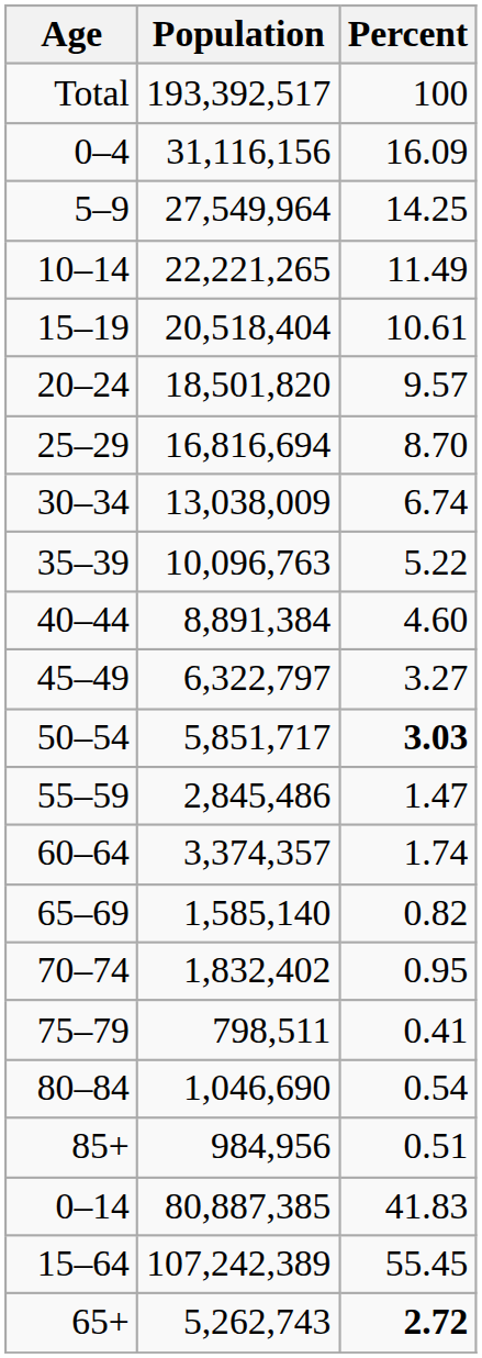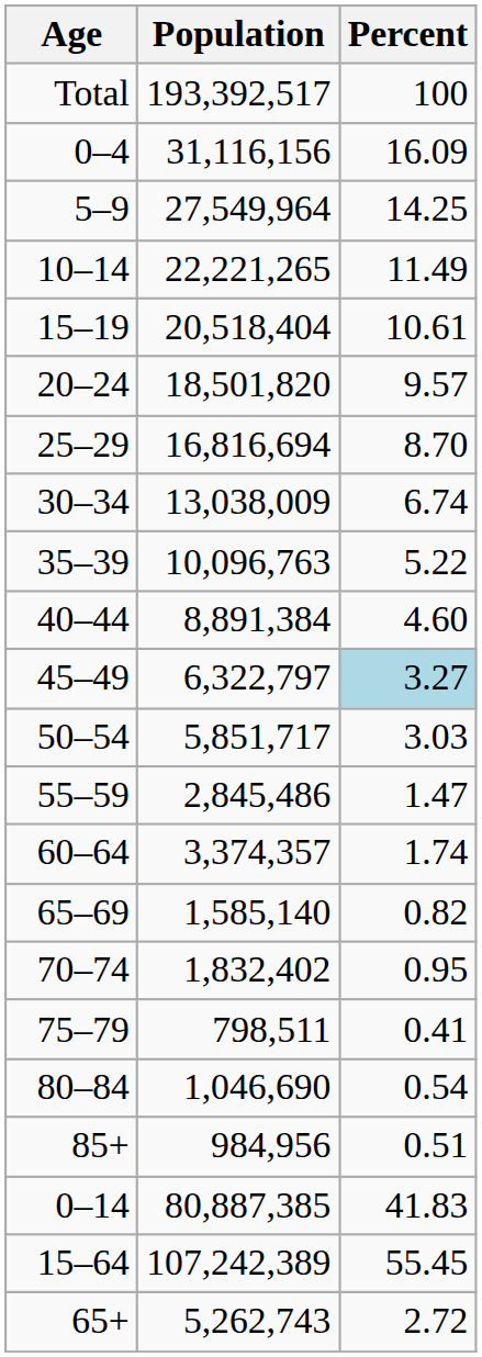 <table class="wikitable sortable">
 <tr>
 <th width="50">Age</th>
 <th width="80">Population</th>
 <th width="50">Percent</th>
 </tr>
 <tr>
 <td align="right">Total</td>
 <td align="right">193,392,517</td>
 <td align="right">100</td>
 </tr>
 <tr>
 <td align="right">0–4</td>
 <td align="right">31,116,156</td>
 <td align="right">16.09</td>
 </tr>
 <tr>
 <td align="right">5–9</td>
 <td align="right">27,549,964</td>
 <td align="right">14.25</td>
 </tr>
 <tr>
 <td align="right">10–14</td>
 <td align="right">22,221,265</td>
 <td align="right">11.49</td>
 </tr>
 <tr>
 <td align="right">15–19</td>
 <td align="right">20,518,404</td>
 <td align="right">10.61</td>
 </tr>
 <tr>
 <td align="right">20–24</td>
 <td align="right">18,501,820</td>
 <td align="right">9.57</td>
 </tr>
 <tr>
 <td align="right">25–29</td>
 <td align="right">16,816,694</td>
 <td align="right">8.70</td>
 </tr>
 <tr>
 <td align="right">30–34</td>
 <td align="right">13,038,009</td>
 <td align="right">6.74</td>
 </tr>
 <tr>
 <td align="right">35–39</td>
 <td align="right">10,096,763</td>
 <td align="right">5.22</td>
 </tr>
 <tr>
 <td align="right">40–44</td>
 <td align="right">8,891,384</td>
 <td align="right">4.60</td>
 </tr>
 <tr>
 <td align="right">45–49</td>
 <td align="right">6,322,797</td>
-<td align="right">3.27</td>
+<td align="right" style="background: lightblue;">3.27</td>
 </tr>
 <tr>
 <td align="right">50–54</td>
 <td align="right">5,851,717</td>
-<td align="right"><strong>3.03</strong></td>
+<td align="right">3.03</td>
 </tr>
 <tr>
 <td align="right">55–59</td>
 <td align="right">2,845,486</td>
 <td align="right">1.47</td>
 </tr>
 <tr>
 <td align="right">60–64</td>
 <td align="right">3,374,357</td>
 <td align="right">1.74</td>
 </tr>
 <tr>
 <td align="right">65–69</td>
 <td align="right">1,585,140</td>
 <td align="right">0.82</td>
 </tr>
 <tr>
 <td align="right">70–74</td>
 <td align="right">1,832,402</td>
 <td align="right">0.95</td>
 </tr>
 <tr>
 <td align="right">75–79</td>
 <td align="right">798,511</td>
 <td align="right">0.41</td>
 </tr>
 <tr>
 <td align="right">80–84</td>
 <td align="right">1,046,690</td>
 <td align="right">0.54</td>
 </tr>
 <tr>
 <td align="right">85+</td>
 <td align="right">984,956</td>
 <td align="right">0.51</td>
 </tr>
 <tr>
 <td align="right">0–14</td>
 <td align="right">80,887,385</td>
 <td align="right">41.83</td>
 </tr>
 <tr>
 <td align="right">15–64</td>
 <td align="right">107,242,389</td>
 <td align="right">55.45</td>
 </tr>
 <tr>
 <td align="right">65+</td>
 <td align="right">5,262,743</td>
-<td align="right"><strong>2.72</strong></td>
+<td align="right">2.72</td>
 </tr>
 <tr>
 </tr>
 </table>
